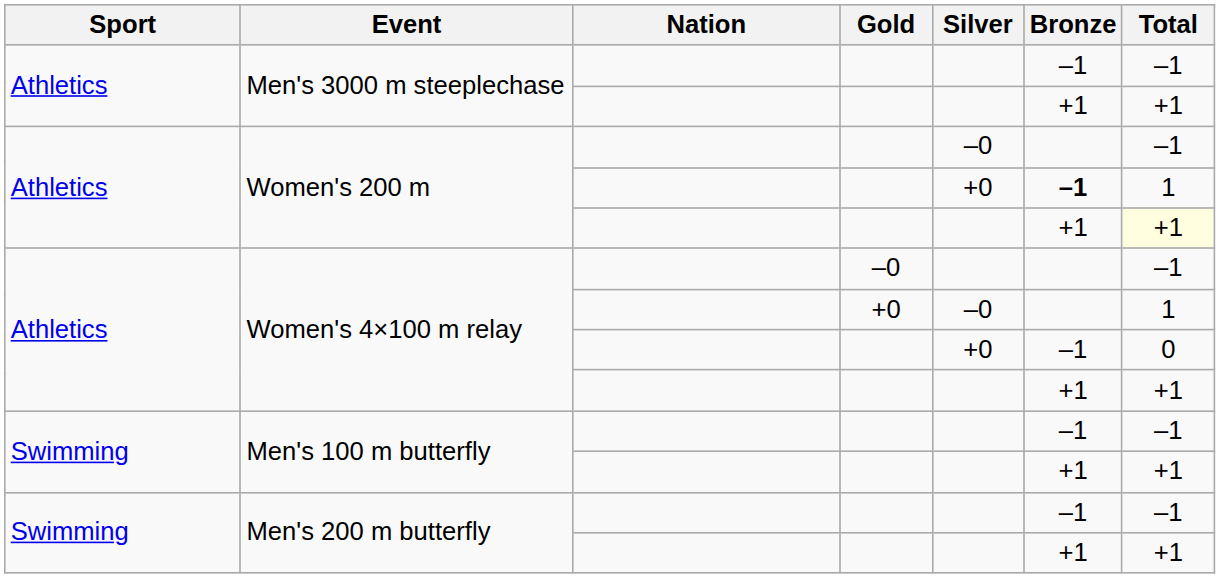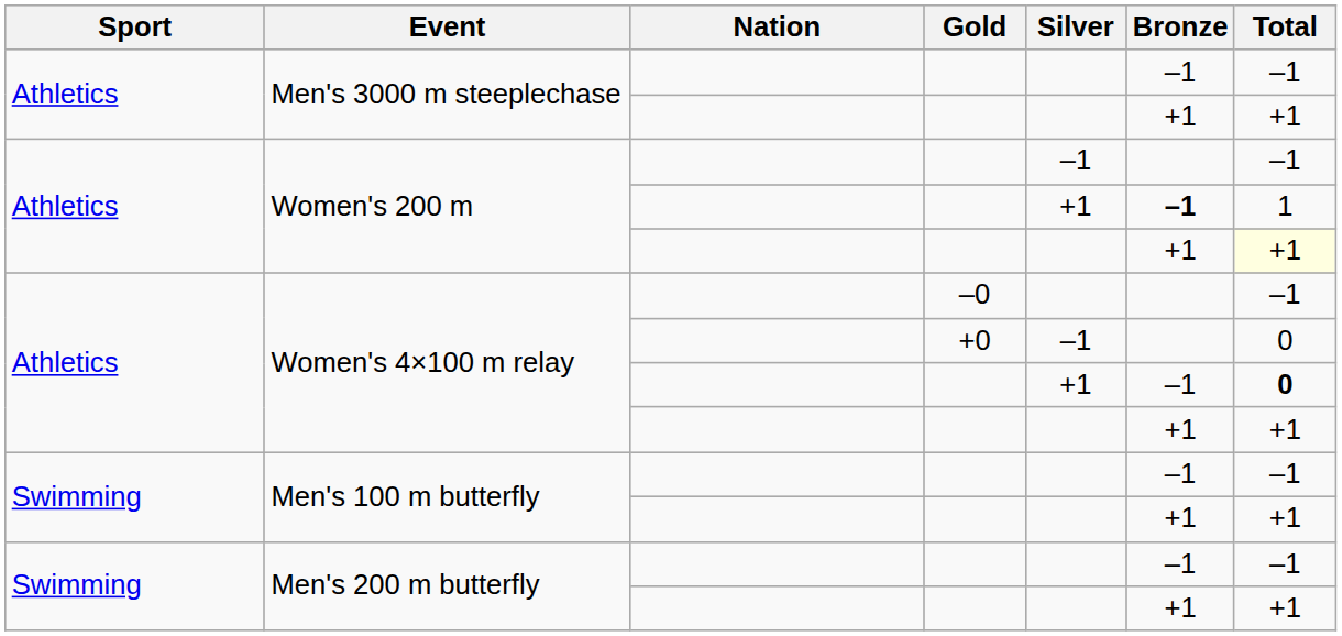 <table class="wikitable plainrowheaders" style="text-align:center;">
 <tr>
 <th scope="col" width="140">Sport</th>
 <th scope="col" width="200">Event</th>
 <th scope="col" width="160">Nation</th>
 <th scope="col" width="50">Gold</th>
 <th scope="col" width="50">Silver</th>
 <th scope="col" width="50">Bronze</th>
 <th scope="col" width="50">Total</th>
 </tr>
 <tr>
 <td rowspan=2 align=left><a href='#'>Athletics</a></td>
 <td rowspan=2 align=left>Men's 3000 m steeplechase</td>
 <td align=left></td>
 <td></td>
 <td></td>
 <td>–1</td>
 <td>–1</td>
 </tr>
 <tr>
 <td align=left></td>
 <td></td>
 <td></td>
 <td>+1</td>
 <td>+1</td>
 </tr>
 <tr>
 <td rowspan=3 align=left><a href='#'>Athletics</a></td>
 <td rowspan=3 align=left>Women's 200 m</td>
 <td align=left></td>
 <td></td>
-<td>–0</td>
+<td>–1</td>
 <td></td>
 <td>–1</td>
 </tr>
 <tr>
 <td align=left></td>
 <td></td>
-<td>+0</td>
+<td>+1</td>
 <td><strong>–1</strong></td>
 <td>1</td>
 </tr>
 <tr>
 <td align=left></td>
 <td></td>
 <td></td>
 <td>+1</td>
 <td style="background: lightyellow;">+1</td>
 </tr>
 <tr>
 <td rowspan=4 align=left><a href='#'>Athletics</a></td>
 <td rowspan=4 align=left>Women's 4×100 m relay</td>
 <td align=left></td>
 <td>–0</td>
 <td></td>
 <td></td>
 <td>–1</td>
 </tr>
 <tr>
 <td align=left></td>
 <td>+0</td>
-<td>–0</td>
+<td>–1</td>
 <td></td>
-<td>1</td>
+<td>0</td>
 </tr>
 <tr>
 <td align=left></td>
 <td></td>
-<td>+0</td>
+<td>+1</td>
 <td>–1</td>
-<td>0</td>
+<td><strong>0</strong></td>
 </tr>
 <tr>
 <td align=left></td>
 <td></td>
 <td></td>
 <td>+1</td>
 <td>+1</td>
 </tr>
 <tr>
 <td rowspan=2 align=left><a href='#'>Swimming</a></td>
 <td rowspan=2 align=left>Men's 100 m butterfly</td>
 <td align=left></td>
 <td></td>
 <td></td>
 <td>–1</td>
 <td>–1</td>
 </tr>
 <tr>
 <td align=left></td>
 <td></td>
 <td></td>
 <td>+1</td>
 <td>+1</td>
 </tr>
 <tr>
 <td rowspan=2 align=left><a href='#'>Swimming</a></td>
 <td rowspan=2 align=left>Men's 200 m butterfly</td>
 <td align=left></td>
 <td></td>
 <td></td>
 <td>–1</td>
 <td>–1</td>
 </tr>
 <tr>
 <td align=left></td>
 <td></td>
 <td></td>
 <td>+1</td>
 <td>+1</td>
 </tr>
 </table>
